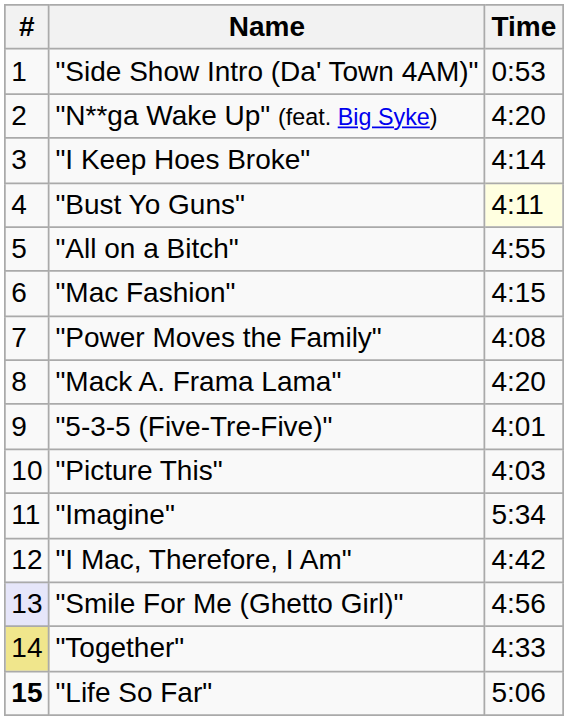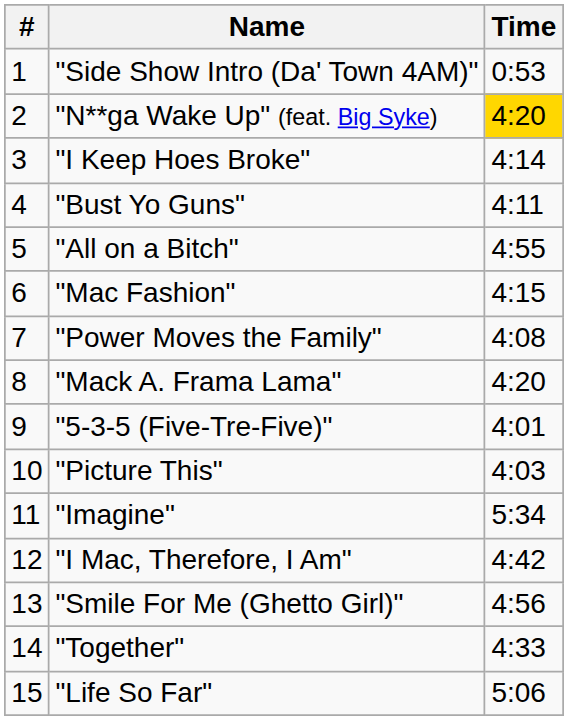 <table class="wikitable">
 <tr>
 <th align="center">#</th>
 <th align="center">Name</th>
 <th align="center">Time</th>
 </tr>
 <tr>
 <td>1</td>
 <td>"Side Show Intro (Da' Town 4AM)"</td>
 <td>0:53</td>
 </tr>
 <tr>
 <td>2</td>
 <td>"N**ga Wake Up" <small>(feat. <a href='#'>Big Syke</a>)</small></td>
-<td>4:20</td>
+<td style="background: gold;">4:20</td>
 </tr>
 <tr>
 <td>3</td>
 <td>"I Keep Hoes Broke"</td>
 <td>4:14</td>
 </tr>
 <tr>
 <td>4</td>
 <td>"Bust Yo Guns"</td>
-<td style="background: lightyellow;">4:11</td>
+<td>4:11</td>
 </tr>
 <tr>
 <td>5</td>
 <td>"All on a Bitch"</td>
 <td>4:55</td>
 </tr>
 <tr>
 <td>6</td>
 <td>"Mac Fashion"</td>
 <td>4:15</td>
 </tr>
 <tr>
 <td>7</td>
 <td>"Power Moves the Family"</td>
 <td>4:08</td>
 </tr>
 <tr>
 <td>8</td>
 <td>"Mack A. Frama Lama"</td>
 <td>4:20</td>
 </tr>
 <tr>
 <td>9</td>
 <td>"5-3-5 (Five-Tre-Five)"</td>
 <td>4:01</td>
 </tr>
 <tr>
 <td>10</td>
 <td>"Picture This"</td>
 <td>4:03</td>
 </tr>
 <tr>
 <td>11</td>
 <td>"Imagine"</td>
 <td>5:34</td>
 </tr>
 <tr>
 <td>12</td>
 <td>"I Mac, Therefore, I Am"</td>
 <td>4:42</td>
 </tr>
 <tr>
-<td style="background: lavender;">13</td>
+<td>13</td>
 <td>"Smile For Me (Ghetto Girl)"</td>
 <td>4:56</td>
 </tr>
 <tr>
-<td style="background: khaki;">14</td>
+<td>14</td>
 <td>"Together"</td>
 <td>4:33</td>
 </tr>
 <tr>
-<td><strong>15</strong></td>
+<td>15</td>
 <td>"Life So Far"</td>
 <td>5:06</td>
 </tr>
 <tr>
 </tr>
 </table>
